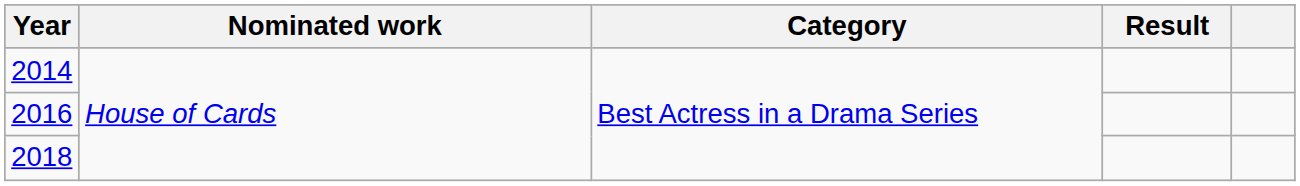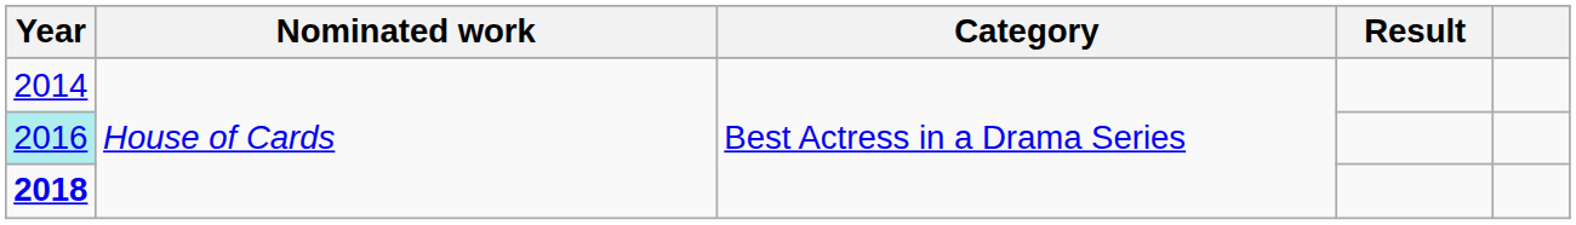 <table class="wikitable" width=85%>
 <tr>
 <th width=5%>Year</th>
 <th width=40%>Nominated work</th>
 <th width=40%>Category</th>
 <th width=10%>Result</th>
 <th width=5%></th>
 </tr>
 <tr>
 <td style="text-align:center;"><a href='#'>2014</a></td>
 <td rowspan="3"><em><a href='#'>House of Cards</a></em></td>
 <td rowspan="3"><a href='#'>Best Actress in a Drama Series</a></td>
 <td></td>
 <td></td>
 </tr>
 <tr>
-<td style="text-align:center;"><a href='#'>2016</a></td>
+<td style="background: paleturquoise; text-align:center;"><a href='#'>2016</a></td>
 <td></td>
 <td></td>
 </tr>
 <tr>
-<td style="text-align:center;"><a href='#'>2018</a></td>
+<td style="text-align:center;"><strong><a href='#'>2018</a></strong></td>
 <td></td>
 <td></td>
 </tr>
 </table>
